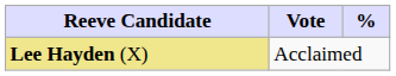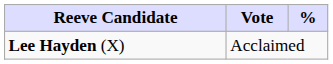 <table class="wikitable">
 <tr>
 <th style="background:#ddf; width:200px;">Reeve Candidate</th>
 <th style="background:#ddf; width:50px;">Vote</th>
 <th style="background:#ddf; width:30px;">%</th>
 </tr>
 <tr>
-<td style="background: khaki;"><strong>Lee Hayden</strong> (X)</td>
+<td><strong>Lee Hayden</strong> (X)</td>
 <td colspan="2">Acclaimed</td>
 </tr>
 </table>
